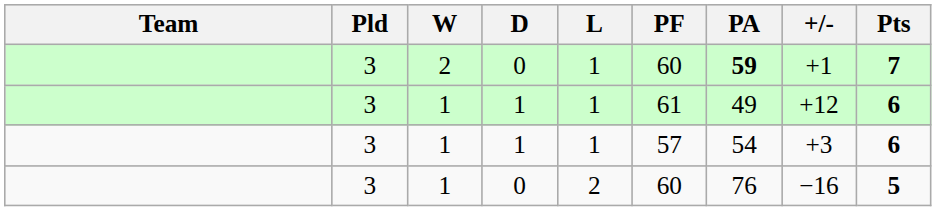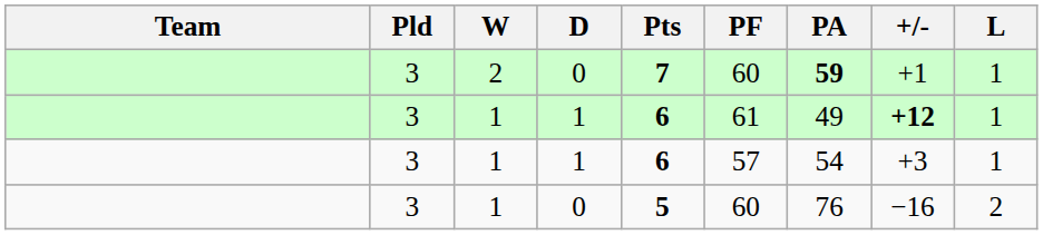 <table class="wikitable" style="text-align: center;">
 <tr>
 <th width="200">Team</th>
 <th width="40">Pld</th>
 <th width="40">W</th>
 <th width="40">D</th>
-<th width="40">L</th>
+<th width="40">Pts</th>
 <th width="40">PF</th>
 <th width="40">PA</th>
 <th width="40">+/-</th>
-<th width="40">Pts</th>
+<th width="40">L</th>
 </tr>
 <tr style="background-color:#ccffcc">
 <td style="text-align:left;"></td>
 <td>3</td>
 <td>2</td>
 <td>0</td>
-<td>1</td>
+<td><strong>7</strong></td>
 <td>60</td>
 <td><strong>59</strong></td>
 <td>+1</td>
-<td><strong>7</strong></td>
+<td>1</td>
 </tr>
 <tr style="background-color:#ccffcc">
 <td style="text-align:left;"></td>
 <td>3</td>
 <td>1</td>
 <td>1</td>
-<td>1</td>
+<td><strong>6</strong></td>
 <td>61</td>
 <td>49</td>
-<td>+12</td>
-<td><strong>6</strong></td>
+<td><strong>+12</strong></td>
+<td>1</td>
 </tr>
 <tr>
 <td style="text-align:left;"></td>
 <td>3</td>
 <td>1</td>
 <td>1</td>
-<td>1</td>
+<td><strong>6</strong></td>
 <td>57</td>
 <td>54</td>
 <td>+3</td>
-<td><strong>6</strong></td>
+<td>1</td>
 </tr>
 <tr>
 <td style="text-align:left;"></td>
 <td>3</td>
 <td>1</td>
 <td>0</td>
-<td>2</td>
+<td><strong>5</strong></td>
 <td>60</td>
 <td>76</td>
 <td>−16</td>
-<td><strong>5</strong></td>
+<td>2</td>
 </tr>
 </table>
